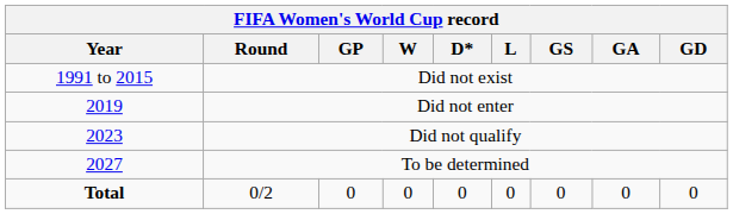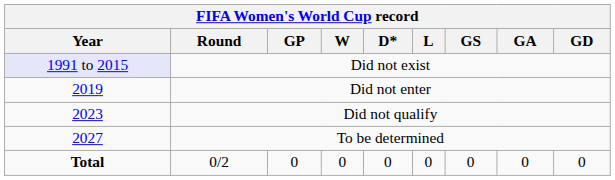 <table class="wikitable" style="text-align: center; width:50%;">
 <tr>
 <th colspan=10><a href='#'>FIFA Women's World Cup</a> record</th>
 </tr>
 <tr>
 <th>Year</th>
 <th>Round</th>
 <th>GP</th>
 <th>W</th>
 <th>D*</th>
 <th>L</th>
 <th>GS</th>
 <th>GA</th>
 <th>GD</th>
 </tr>
 <tr>
-<td> <a href='#'>1991</a> to  <a href='#'>2015</a></td>
+<td style="background: lavender;"> <a href='#'>1991</a> to  <a href='#'>2015</a></td>
 <td colspan=8>Did not exist</td>
 </tr>
 <tr>
 <td> <a href='#'>2019</a></td>
 <td colspan=8>Did not enter</td>
 </tr>
 <tr>
 <td> <a href='#'>2023</a></td>
 <td colspan=8>Did not qualify</td>
 </tr>
 <tr>
 <td> <a href='#'>2027</a></td>
 <td colspan=8>To be determined</td>
 </tr>
 <tr>
 <td><strong>Total</strong></td>
 <td>0/2</td>
 <td>0</td>
 <td>0</td>
 <td>0</td>
 <td>0</td>
 <td>0</td>
 <td>0</td>
 <td>0</td>
 </tr>
 </table>
